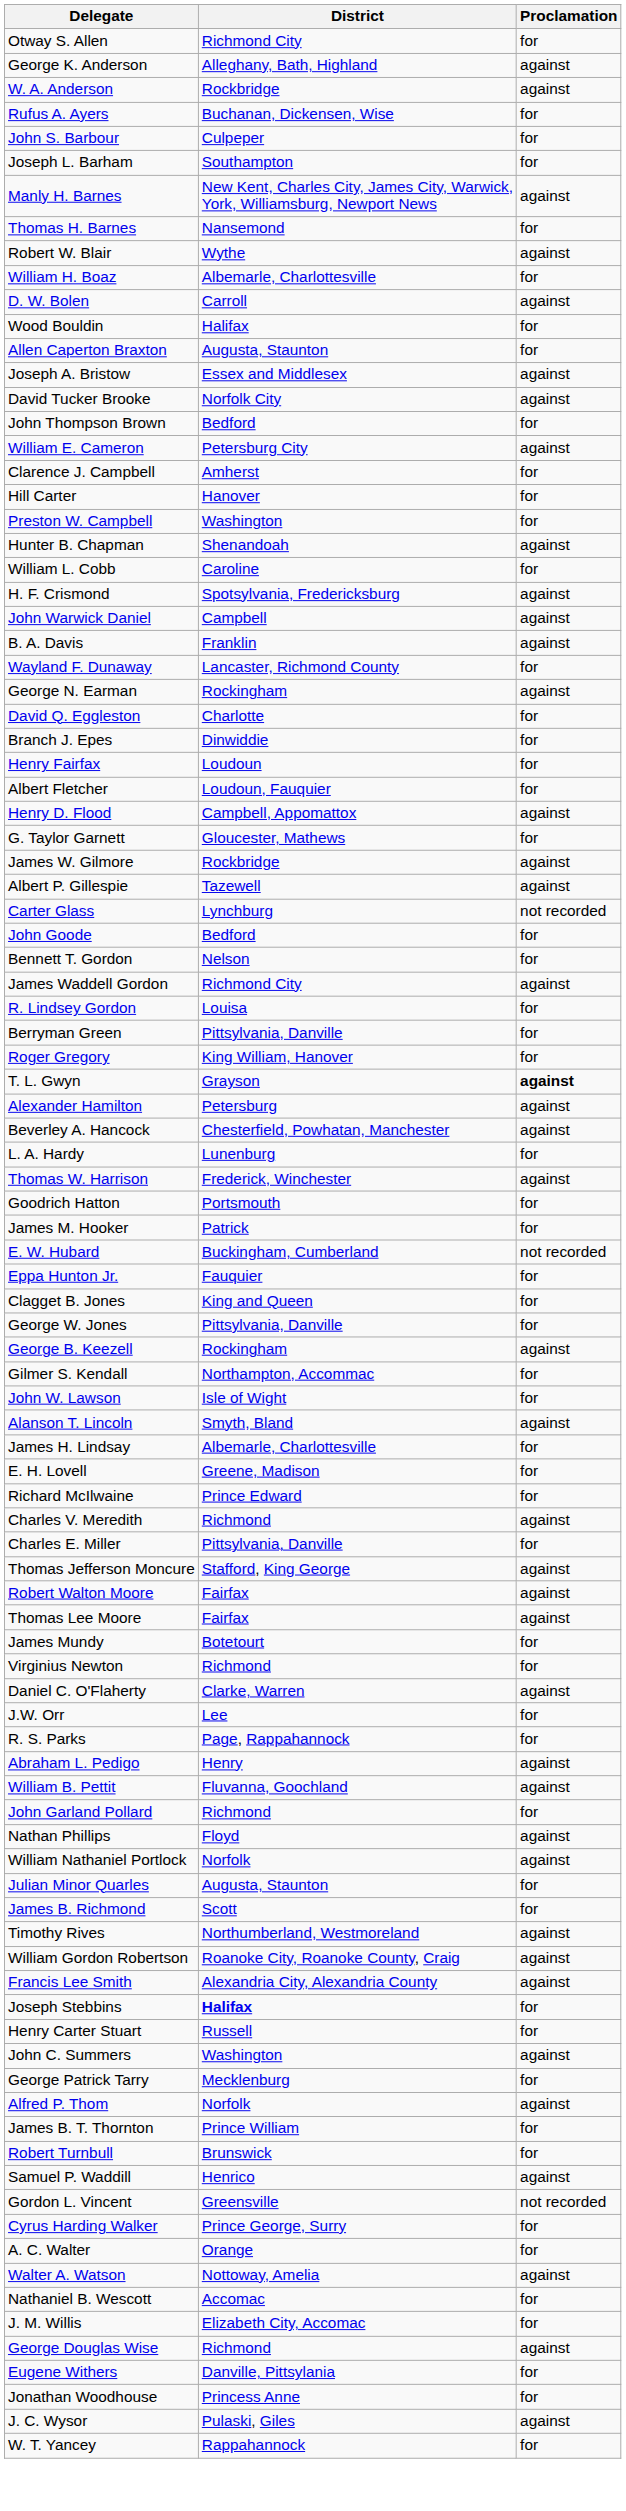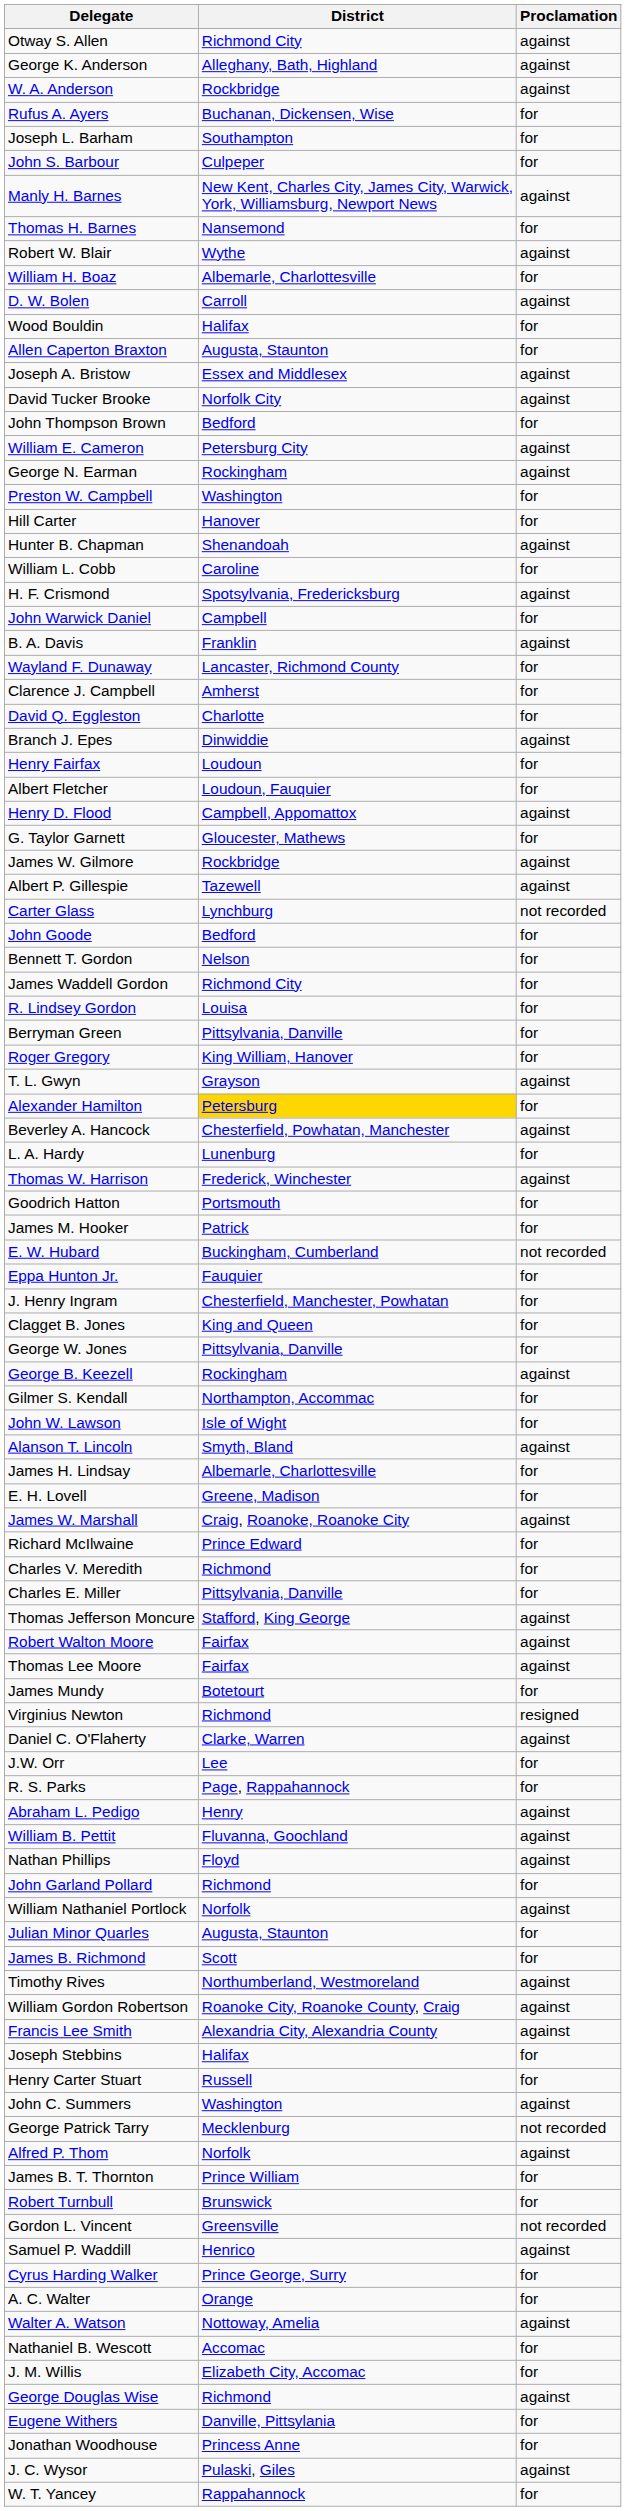 <table class="wikitable sortable">
 <tr>
 <th scope="col">Delegate</th>
 <th scope="col">District</th>
 <th scope="col">Proclamation</th>
 </tr>
 <tr>
 <td data-sort-value="Allen, Otway">Otway S. Allen</td>
 <td><a href='#'>Richmond City</a></td>
-<td>for</td>
+<td>against</td>
 </tr>
 <tr>
 <td data-sort-value="Anderson, George K.">George K. Anderson</td>
 <td><a href='#'>Alleghany, Bath, Highland</a></td>
 <td>against</td>
 </tr>
 <tr>
 <td data-sort-value="Anderson, W. A."><a href='#'>W. A. Anderson</a></td>
 <td><a href='#'>Rockbridge</a></td>
 <td>against</td>
 </tr>
 <tr>
 <td data-sort-value="Ayers, Rufus A."><a href='#'>Rufus A. Ayers</a></td>
 <td><a href='#'>Buchanan, Dickensen, Wise</a></td>
 <td>for</td>
 </tr>
 <tr>
-<td data-sort-value="Barbour, John S."><a href='#'>John S. Barbour</a></td>
-<td><a href='#'>Culpeper</a></td>
+<td data-sort-value="Barham, Joseph L.">Joseph L. Barham</td>
+<td><a href='#'>Southampton</a></td>
 <td>for</td>
 </tr>
 <tr>
-<td data-sort-value="Barham, Joseph L.">Joseph L. Barham</td>
-<td><a href='#'>Southampton</a></td>
+<td data-sort-value="Barbour, John S."><a href='#'>John S. Barbour</a></td>
+<td><a href='#'>Culpeper</a></td>
 <td>for</td>
 </tr>
 <tr>
 <td data-sort-value="Barnes, M. H."><a href='#'>Manly H. Barnes</a></td>
 <td><a href='#'>New Kent, Charles City, James City, Warwick,<br>York, Williamsburg, Newport News</a></td>
 <td>against</td>
 </tr>
 <tr>
 <td data-sort-value="Barnes, Thomas S."><a href='#'>Thomas H. Barnes</a></td>
 <td><a href='#'>Nansemond</a></td>
 <td>for</td>
 </tr>
 <tr>
 <td data-sort-value="Blair, Robert W.">Robert W. Blair</td>
 <td><a href='#'>Wythe</a></td>
 <td>against</td>
 </tr>
 <tr>
 <td data-sort-value="Boaz, W. H."><a href='#'>William H. Boaz</a></td>
 <td><a href='#'>Albemarle, Charlottesville</a></td>
 <td>for</td>
 </tr>
 <tr>
 <td data-sort-value="Bolen, D. W."><a href='#'>D. W. Bolen</a></td>
 <td><a href='#'>Carroll</a></td>
 <td>against</td>
 </tr>
 <tr>
 <td data-sort-value="Bouldin, Wood">Wood Bouldin</td>
 <td><a href='#'>Halifax</a></td>
 <td>for</td>
 </tr>
 <tr>
 <td data-sort-value="Braxton, A. C."><a href='#'>Allen Caperton Braxton</a></td>
 <td><a href='#'>Augusta, Staunton</a></td>
 <td>for</td>
 </tr>
 <tr>
 <td data-sort-value="Bristow, J. A.">Joseph A. Bristow</td>
 <td><a href='#'>Essex and Middlesex</a></td>
 <td>against</td>
 </tr>
 <tr>
 <td data-sort-value="Brooke, D. Tucker">David Tucker Brooke</td>
 <td><a href='#'>Norfolk City</a></td>
 <td>against</td>
 </tr>
 <tr>
 <td data-sort-value="Brown, John Thompson">John Thompson Brown</td>
 <td><a href='#'>Bedford</a></td>
 <td>for</td>
 </tr>
 <tr>
 <td data-sort-value="Cameron, William E."><a href='#'>William E. Cameron</a></td>
 <td><a href='#'>Petersburg City</a></td>
 <td>against</td>
 </tr>
 <tr>
-<td data-sort-value="Campbell, Clarence">Clarence J. Campbell</td>
-<td><a href='#'>Amherst</a></td>
+<td data-sort-value="Earman, George N.">George N. Earman</td>
+<td><a href='#'>Rockingham</a></td>
+<td>against</td>
+</tr>
+<tr>
+<td data-sort-value="Campbell, P. W."><a href='#'>Preston W. Campbell</a></td>
+<td><a href='#'>Washington</a></td>
 <td>for</td>
 </tr>
 <tr>
 <td data-sort-value="Carter, Hill">Hill Carter</td>
 <td><a href='#'>Hanover</a></td>
-<td>for</td>
-</tr>
-<tr>
-<td data-sort-value="Campbell, P. W."><a href='#'>Preston W. Campbell</a></td>
-<td><a href='#'>Washington</a></td>
 <td>for</td>
 </tr>
 <tr>
 <td data-sort-value="Chapman, Hunter B.">Hunter B. Chapman</td>
 <td><a href='#'>Shenandoah</a></td>
 <td>against</td>
 </tr>
 <tr>
 <td data-sort-value="Cobb, W. L.">William L. Cobb</td>
 <td><a href='#'>Caroline</a></td>
 <td>for</td>
 </tr>
 <tr>
 <td data-sort-value="Crismond, H. F.">H. F. Crismond</td>
 <td><a href='#'>Spotsylvania, Fredericksburg</a></td>
 <td>against</td>
 </tr>
 <tr>
 <td data-sort-value="Daniel, John"><a href='#'>John Warwick Daniel</a></td>
 <td><a href='#'>Campbell</a></td>
-<td>against</td>
+<td>for</td>
 </tr>
 <tr>
 <td data-sort-value="Davis, B. A.">B. A. Davis</td>
 <td><a href='#'>Franklin</a></td>
 <td>against</td>
 </tr>
 <tr>
 <td data-sort-value="Dunaway, W. F."><a href='#'>Wayland F. Dunaway</a></td>
 <td><a href='#'>Lancaster, Richmond County</a></td>
 <td>for</td>
 </tr>
 <tr>
-<td data-sort-value="Earman, George N.">George N. Earman</td>
-<td><a href='#'>Rockingham</a></td>
-<td>against</td>
+<td data-sort-value="Campbell, Clarence">Clarence J. Campbell</td>
+<td><a href='#'>Amherst</a></td>
+<td>for</td>
 </tr>
 <tr>
 <td data-sort-value="Eggleston, D. Q."><a href='#'>David Q. Eggleston</a></td>
 <td><a href='#'>Charlotte</a></td>
 <td>for</td>
 </tr>
 <tr>
 <td data-sort-value="Epes, B. J.">Branch J. Epes</td>
 <td><a href='#'>Dinwiddie</a></td>
-<td>for</td>
+<td>against</td>
 </tr>
 <tr>
 <td data-sort-value="Fairfax, Henry"><a href='#'>Henry Fairfax</a></td>
 <td><a href='#'>Loudoun</a></td>
 <td>for</td>
 </tr>
 <tr>
 <td data-sort-value="Fletcher, Albert">Albert Fletcher</td>
 <td><a href='#'>Loudoun, Fauquier</a></td>
 <td>for</td>
 </tr>
 <tr>
 <td data-sort-value="Flood, H. D."><a href='#'>Henry D. Flood</a></td>
 <td><a href='#'>Campbell, Appomattox</a></td>
 <td>against</td>
 </tr>
 <tr>
 <td data-sort-value="Garnett, G. T.">G. Taylor Garnett</td>
 <td><a href='#'>Gloucester, Mathews</a></td>
 <td>for</td>
 </tr>
 <tr>
 <td data-sort-value="Gilmore, J. W.">James W. Gilmore</td>
 <td><a href='#'>Rockbridge</a></td>
 <td>against</td>
 </tr>
 <tr>
 <td data-sort-value="Gillespie, A. P.">Albert P. Gillespie</td>
 <td><a href='#'>Tazewell</a></td>
 <td>against</td>
 </tr>
 <tr>
 <td data-sort-value="Glass, Carter"><a href='#'>Carter Glass</a></td>
 <td><a href='#'>Lynchburg</a></td>
 <td>not recorded</td>
 </tr>
 <tr>
 <td data-sort-value="Goode, John"><a href='#'>John Goode</a></td>
 <td><a href='#'>Bedford</a></td>
 <td>for</td>
 </tr>
 <tr>
 <td data-sort-value="Gordon, B. T.">Bennett T. Gordon</td>
 <td><a href='#'>Nelson</a></td>
 <td>for</td>
 </tr>
 <tr>
 <td data-sort-value="Gordon, James W.">James Waddell Gordon</td>
 <td><a href='#'>Richmond City</a></td>
-<td>against</td>
+<td>for</td>
 </tr>
 <tr>
 <td data-sort-value="Gordon, R. Lindsey"><a href='#'>R. Lindsey Gordon</a></td>
 <td><a href='#'>Louisa</a></td>
 <td>for</td>
 </tr>
 <tr>
 <td data-sort-value="Green, Berryman">Berryman Green</td>
 <td><a href='#'>Pittsylvania, Danville</a></td>
 <td>for</td>
 </tr>
 <tr>
 <td data-sort-value="Gregory, Roger"><a href='#'>Roger Gregory</a></td>
 <td><a href='#'>King William, Hanover</a></td>
 <td>for</td>
 </tr>
 <tr>
 <td data-sort-value="Gwyn, T. L.">T. L. Gwyn</td>
 <td><a href='#'>Grayson</a></td>
-<td><strong>against</strong></td>
+<td>against</td>
 </tr>
 <tr>
 <td data-sort-value="Hamilton, Alexander"><a href='#'>Alexander Hamilton</a></td>
-<td><a href='#'>Petersburg</a></td>
-<td>against</td>
+<td style="background: gold;"><a href='#'>Petersburg</a></td>
+<td>for</td>
 </tr>
 <tr>
 <td data-sort-value="Hancock, B. A.">Beverley A. Hancock</td>
 <td><a href='#'>Chesterfield, Powhatan, Manchester</a></td>
 <td>against</td>
 </tr>
 <tr>
 <td data-sort-value="Hardy, L. A.">L. A. Hardy</td>
 <td><a href='#'>Lunenburg</a></td>
 <td>for</td>
 </tr>
 <tr>
 <td data-sort-value="Harrison, T. W."><a href='#'>Thomas W. Harrison</a></td>
 <td><a href='#'>Frederick, Winchester</a></td>
 <td>against</td>
 </tr>
 <tr>
 <td data-sort-value="Hatton, Goodrich">Goodrich Hatton</td>
 <td><a href='#'>Portsmouth</a></td>
 <td>for</td>
 </tr>
 <tr>
 <td data-sort-value="Hooker, J. M.">James M. Hooker</td>
 <td><a href='#'>Patrick</a></td>
 <td>for</td>
 </tr>
 <tr>
 <td data-sort-value="Hubard, E. W."><a href='#'>E. W. Hubard</a></td>
 <td><a href='#'>Buckingham, Cumberland</a></td>
 <td>not recorded</td>
 </tr>
 <tr>
 <td data-sort-value="Hunton, Eppa Jr."><a href='#'>Eppa Hunton Jr.</a></td>
 <td><a href='#'>Fauquier</a></td>
+<td>for</td>
+</tr>
+<tr>
+<td data-sort-value="Ingram, J. H.">J. Henry Ingram</td>
+<td><a href='#'>Chesterfield, Manchester, Powhatan</a></td>
 <td>for</td>
 </tr>
 <tr>
 <td data-sort-value="Jones, Clagget B.">Clagget B. Jones</td>
 <td><a href='#'>King and Queen</a></td>
 <td>for</td>
 </tr>
 <tr>
 <td data-sort-value="Jones, G. W.">George W. Jones</td>
 <td><a href='#'>Pittsylvania, Danville</a></td>
 <td>for</td>
 </tr>
 <tr>
 <td data-sort-value="Keezell, George B."><a href='#'>George B. Keezell</a></td>
 <td><a href='#'>Rockingham</a></td>
 <td>against</td>
 </tr>
 <tr>
 <td data-sort-value="Kendall, Gilmer S.">Gilmer S. Kendall</td>
 <td><a href='#'>Northampton, Accommac</a></td>
 <td>for</td>
 </tr>
 <tr>
 <td data-sort-value="Lawson, John"><a href='#'>John W. Lawson</a></td>
 <td><a href='#'>Isle of Wight</a></td>
 <td>for</td>
 </tr>
 <tr>
 <td data-sort-value="Lincoln, A. T."><a href='#'>Alanson T. Lincoln</a></td>
 <td><a href='#'>Smyth, Bland</a></td>
 <td>against</td>
 </tr>
 <tr>
 <td data-sort-value="Lindsay, J. H.">James H. Lindsay</td>
 <td><a href='#'>Albemarle, Charlottesville</a></td>
 <td>for</td>
 </tr>
 <tr>
 <td data-sort-value="Lovell, E. H.">E. H. Lovell</td>
 <td><a href='#'>Greene, Madison</a></td>
 <td>for</td>
 </tr>
 <tr>
+<td data-sort-value="Marshall, James W."><a href='#'>James W. Marshall</a></td>
+<td><a href='#'>Craig</a>, <a href='#'>Roanoke, Roanoke City</a></td>
+<td>against</td>
+</tr>
+<tr>
 <td data-sort-value="McIlwaine, Richard">Richard McIlwaine</td>
 <td><a href='#'>Prince Edward</a></td>
 <td>for</td>
 </tr>
 <tr>
 <td data-sort-value="Meredith, Charles V.">Charles V. Meredith</td>
 <td><a href='#'>Richmond</a></td>
-<td>against</td>
+<td>for</td>
 </tr>
 <tr>
 <td data-sort-value="Miller, C. E.">Charles E. Miller</td>
 <td><a href='#'>Pittsylvania, Danville</a></td>
 <td>for</td>
 </tr>
 <tr>
 <td data-sort-value="Moncure, Thomas J.">Thomas Jefferson Moncure</td>
 <td><a href='#'>Stafford</a>, <a href='#'>King George</a></td>
 <td>against</td>
 </tr>
 <tr>
 <td data-sort-value="Moore, R. Walton"><a href='#'>Robert Walton Moore</a></td>
 <td><a href='#'>Fairfax</a></td>
 <td>against</td>
 </tr>
 <tr>
 <td data-sort-value="Moore, Thomas L.">Thomas Lee Moore</td>
 <td><a href='#'>Fairfax</a></td>
 <td>against</td>
 </tr>
 <tr>
 <td data-sort-value="Mundy, James">James Mundy</td>
 <td><a href='#'>Botetourt</a></td>
 <td>for</td>
 </tr>
 <tr>
 <td data-sort-value="Newton, Virginius">Virginius Newton</td>
 <td><a href='#'>Richmond</a></td>
-<td>for</td>
+<td>resigned</td>
 </tr>
 <tr>
 <td data-sort-value="O'Flaherty, D. C.">Daniel C. O'Flaherty</td>
 <td><a href='#'>Clarke, Warren</a></td>
 <td>against</td>
 </tr>
 <tr>
 <td data-sort-value="Orr, J. W.">J.W. Orr</td>
 <td><a href='#'>Lee</a></td>
 <td>for</td>
 </tr>
 <tr>
 <td data-sort-value="Parks, R. S.">R. S. Parks</td>
 <td><a href='#'>Page</a>, <a href='#'>Rappahannock</a></td>
 <td>for</td>
 </tr>
 <tr>
 <td data-sort-value="Pedigo, A. L."><a href='#'>Abraham L. Pedigo</a></td>
 <td><a href='#'>Henry</a></td>
 <td>against</td>
 </tr>
 <tr>
 <td data-sort-value="Pettit, William B."><a href='#'>William B. Pettit</a></td>
 <td><a href='#'>Fluvanna, Goochland</a></td>
 <td>against</td>
 </tr>
 <tr>
+<td data-sort-value="Phillips, Nathan">Nathan Phillips</td>
+<td><a href='#'>Floyd</a></td>
+<td>against</td>
+</tr>
+<tr>
 <td data-sort-value="Pollard, John Garland"><a href='#'>John Garland Pollard</a></td>
 <td><a href='#'>Richmond</a></td>
 <td>for</td>
-</tr>
-<tr>
-<td data-sort-value="Phillips, Nathan">Nathan Phillips</td>
-<td><a href='#'>Floyd</a></td>
-<td>against</td>
 </tr>
 <tr>
 <td data-sort-value="Portlock, W. N.">William Nathaniel Portlock</td>
 <td><a href='#'>Norfolk</a></td>
 <td>against</td>
 </tr>
 <tr>
 <td data-sort-value="Quarles, J. M."><a href='#'>Julian Minor Quarles</a></td>
 <td><a href='#'>Augusta, Staunton</a></td>
 <td>for</td>
 </tr>
 <tr>
 <td data-sort-value="Richmond, J. B."><a href='#'>James B. Richmond</a></td>
 <td><a href='#'>Scott</a></td>
 <td>for</td>
 </tr>
 <tr>
 <td data-sort-value="Rives, Timothy">Timothy Rives</td>
 <td><a href='#'>Northumberland, Westmoreland</a></td>
 <td>against</td>
 </tr>
 <tr>
 <td data-sort-value="Robertson, W. Gordon">William Gordon Robertson</td>
 <td><a href='#'>Roanoke City, Roanoke County</a>, <a href='#'>Craig</a></td>
 <td>against</td>
 </tr>
 <tr>
 <td data-sort-value="Smith, Francis L."><a href='#'>Francis Lee Smith</a></td>
 <td><a href='#'>Alexandria City, Alexandria County</a></td>
 <td>against</td>
 </tr>
 <tr>
 <td data-sort-value="Stebbins, Joseph">Joseph Stebbins</td>
-<td><strong><a href='#'>Halifax</a></strong></td>
+<td><a href='#'>Halifax</a></td>
 <td>for</td>
 </tr>
 <tr>
 <td data-sort-value="Stuart, Henry C.">Henry Carter Stuart</td>
 <td><a href='#'>Russell</a></td>
 <td>for</td>
 </tr>
 <tr>
 <td data-sort-value="Summers, John C.">John C. Summers</td>
 <td><a href='#'>Washington</a></td>
 <td>against</td>
 </tr>
 <tr>
 <td data-sort-value="Tarry, George P.">George Patrick Tarry</td>
 <td><a href='#'>Mecklenburg</a></td>
-<td>for</td>
+<td>not recorded</td>
 </tr>
 <tr>
 <td data-sort-value="Thom, Alfred P."><a href='#'>Alfred P. Thom</a></td>
 <td><a href='#'>Norfolk</a></td>
 <td>against</td>
 </tr>
 <tr>
 <td data-sort-value="Thornton, J. B. T.">James B. T. Thornton</td>
 <td><a href='#'>Prince William</a></td>
 <td>for</td>
 </tr>
 <tr>
 <td data-sort-value="Turnbull, Robert"><a href='#'>Robert Turnbull</a></td>
 <td><a href='#'>Brunswick</a></td>
 <td>for</td>
 </tr>
 <tr>
+<td data-sort-value="Vincent, Gordon L.">Gordon L. Vincent</td>
+<td><a href='#'>Greensville</a></td>
+<td>not recorded</td>
+</tr>
+<tr>
 <td data-sort-value="Waddill, S. P.">Samuel P. Waddill</td>
 <td><a href='#'>Henrico</a></td>
 <td>against</td>
-</tr>
-<tr>
-<td data-sort-value="Vincent, Gordon L.">Gordon L. Vincent</td>
-<td><a href='#'>Greensville</a></td>
-<td>not recorded</td>
 </tr>
 <tr>
 <td data-sort-value="Walker, C. Harding"><a href='#'>Cyrus Harding Walker</a></td>
 <td><a href='#'>Prince George, Surry</a></td>
 <td>for</td>
 </tr>
 <tr>
 <td data-sort-value="Walter, A. C.">A. C. Walter</td>
 <td><a href='#'>Orange</a></td>
 <td>for</td>
 </tr>
 <tr>
 <td data-sort-value="Watson, Walter A."><a href='#'>Walter A. Watson</a></td>
 <td><a href='#'>Nottoway, Amelia</a></td>
 <td>against</td>
 </tr>
 <tr>
 <td data-sort-value="Wescott, N. B.">Nathaniel B. Wescott</td>
 <td><a href='#'>Accomac</a></td>
 <td>for</td>
 </tr>
 <tr>
 <td data-sort-value="Willis, J. M.">J. M. Willis</td>
 <td><a href='#'>Elizabeth City, Accomac</a></td>
 <td>for</td>
 </tr>
 <tr>
 <td data-sort-value="Wise, George D."><a href='#'>George Douglas Wise</a></td>
 <td><a href='#'>Richmond</a></td>
 <td>against</td>
 </tr>
 <tr>
 <td data-sort-value="Withers, Eugene"><a href='#'>Eugene Withers</a></td>
 <td><a href='#'>Danville, Pittsylania</a></td>
 <td>for</td>
 </tr>
 <tr>
 <td data-sort-value="Woodhouse, Jonathan">Jonathan Woodhouse</td>
 <td><a href='#'>Princess Anne</a></td>
 <td>for</td>
 </tr>
 <tr>
 <td data-sort-value="Wysor, J. C.">J. C. Wysor</td>
 <td><a href='#'>Pulaski</a>, <a href='#'>Giles</a></td>
 <td>against</td>
 </tr>
 <tr>
 <td data-sort-value="Yancey, W. T.">W. T. Yancey</td>
 <td><a href='#'>Rappahannock</a></td>
 <td>for</td>
 </tr>
 </table>
